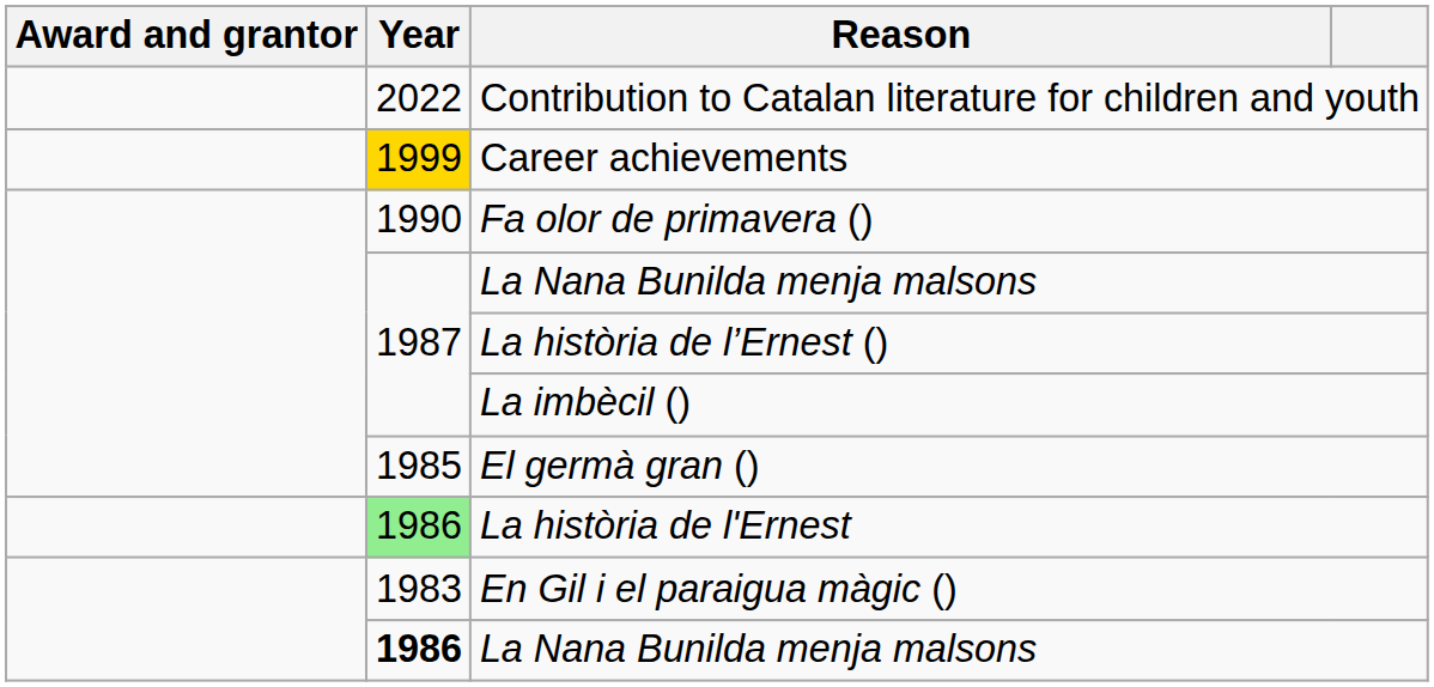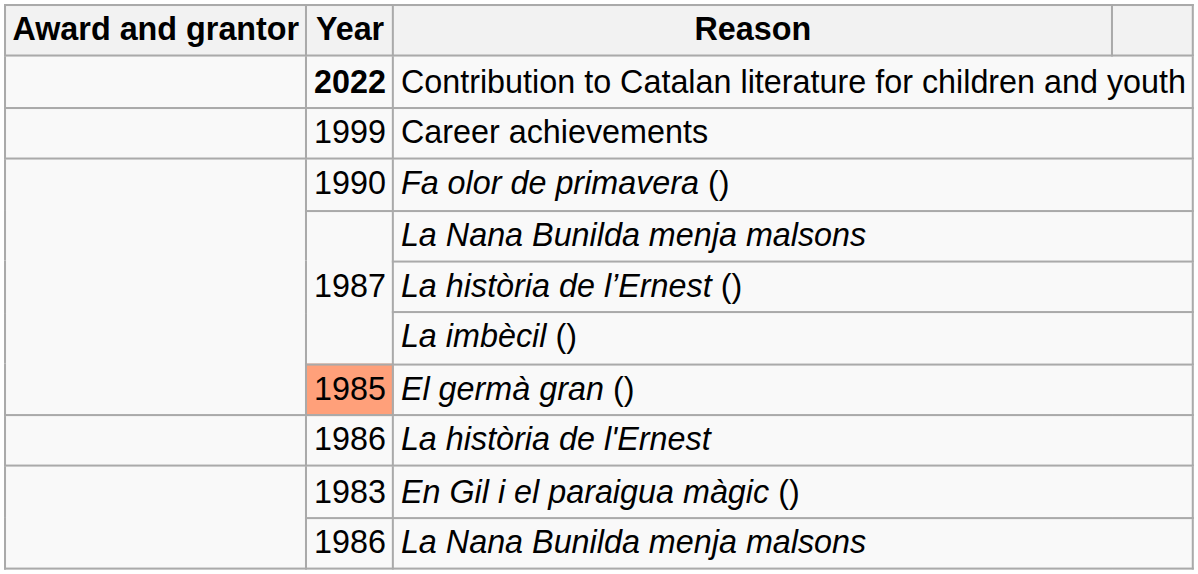 <table class="wikitable">
 <tr>
 <th>Award and grantor</th>
 <th>Year</th>
 <th>Reason</th>
 <th></th>
 </tr>
 <tr>
 <td></td>
-<td>2022</td>
+<td><strong>2022</strong></td>
 <td colspan="2">Contribution to Catalan literature for children and youth</td>
 </tr>
 <tr>
 <td></td>
-<td style="background: gold;">1999</td>
+<td>1999</td>
 <td colspan="2">Career achievements</td>
 </tr>
 <tr>
 <td rowspan="5"></td>
 <td>1990</td>
 <td colspan="2"><em>Fa olor de primavera</em> ()</td>
 </tr>
 <tr>
 <td rowspan="3">1987</td>
 <td colspan="2"><em>La Nana Bunilda menja malsons</em></td>
 </tr>
 <tr>
 <td colspan="2"><em>La història de l’Ernest</em> ()</td>
 </tr>
 <tr>
 <td colspan="2"><em>La imbècil</em> ()</td>
 </tr>
 <tr>
-<td>1985</td>
+<td style="background: lightsalmon;">1985</td>
 <td colspan="2"><em>El germà gran</em> ()</td>
 </tr>
 <tr>
 <td></td>
-<td style="background: lightgreen;">1986</td>
+<td>1986</td>
 <td colspan="2"><em>La història de l'Ernest</em></td>
 </tr>
 <tr>
 <td rowspan="2"></td>
 <td>1983</td>
 <td colspan="2"><em>En Gil i el paraigua màgic</em> ()</td>
 </tr>
 <tr>
-<td><strong>1986</strong></td>
+<td>1986</td>
 <td colspan="2"><em>La Nana Bunilda menja malsons</em></td>
 </tr>
 </table>
